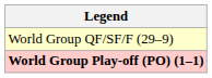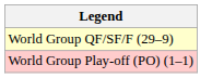 <table class="wikitable" style="font-size:90%">
 <tr>
 <th>Legend</th>
 </tr>
 <tr bgcolor=#ffc>
 <td>World Group QF/SF/F (29–9)</td>
 </tr>
 <tr bgcolor=#fcc>
-<td><strong>World Group Play-off (PO) (1–1)</strong></td>
+<td>World Group Play-off (PO) (1–1)</td>
 </tr>
 </table>
